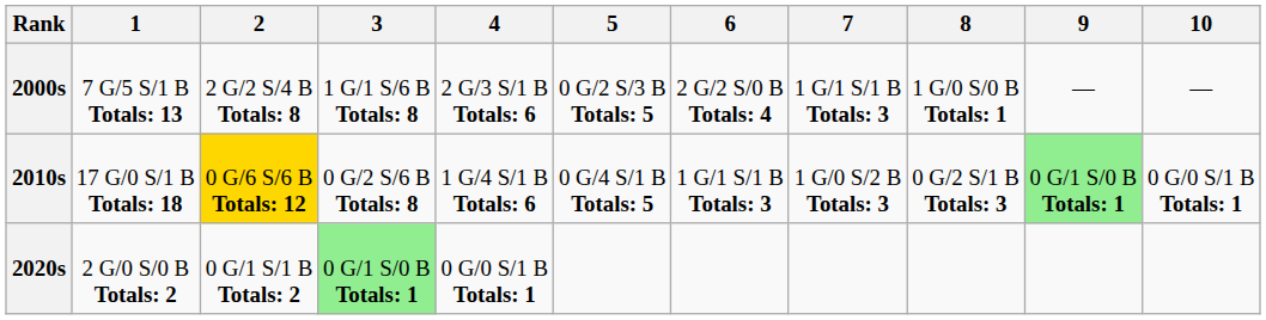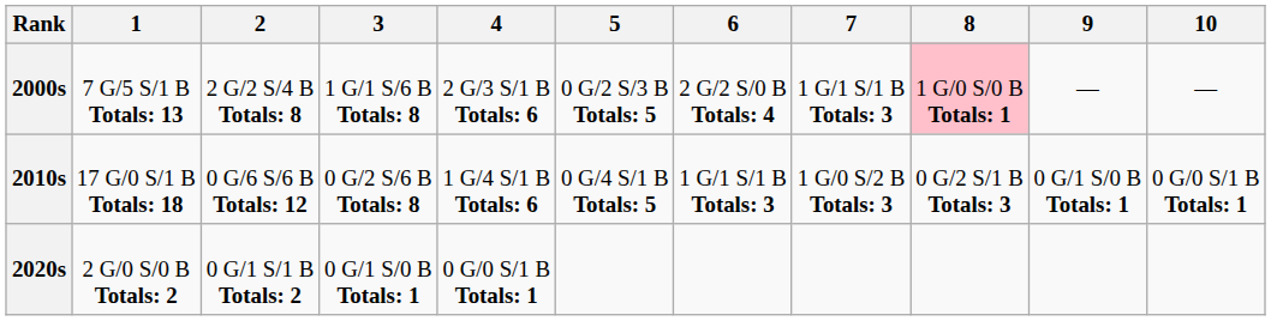 <table class="wikitable" style="text-align: center; font-size: 90%; margin-left: 1em;">
 <tr>
 <th>Rank</th>
 <th>1</th>
 <th>2</th>
 <th>3</th>
 <th>4</th>
 <th>5</th>
 <th>6</th>
 <th>7</th>
 <th>8</th>
 <th>9</th>
 <th>10</th>
 </tr>
 <tr>
 <th>2000s</th>
 <td><br>7 G/5 S/1 B<br><strong>Totals: 13</strong></td>
 <td><br>2 G/2 S/4 B<br><strong>Totals: 8</strong></td>
 <td><br>1 G/1 S/6 B<br><strong>Totals: 8</strong></td>
 <td><br>2 G/3 S/1 B<br><strong>Totals: 6</strong></td>
 <td><br>0 G/2 S/3 B<br><strong>Totals: 5</strong></td>
 <td><br>2 G/2 S/0 B<br><strong>Totals: 4</strong></td>
 <td><br>1 G/1 S/1 B<br><strong>Totals: 3</strong></td>
-<td><br>1 G/0 S/0 B<br><strong>Totals: 1</strong></td>
+<td style="background: pink;"><br>1 G/0 S/0 B<br><strong>Totals: 1</strong></td>
 <td>—</td>
 <td>—</td>
 </tr>
 <tr>
 <th>2010s</th>
 <td><br>17 G/0 S/1 B<br><strong>Totals: 18</strong></td>
-<td style="background: gold;"><br>0 G/6 S/6 B<br><strong>Totals: 12</strong></td>
+<td><br>0 G/6 S/6 B<br><strong>Totals: 12</strong></td>
 <td><br>0 G/2 S/6 B<br><strong>Totals: 8</strong></td>
 <td><br>1 G/4 S/1 B<br><strong>Totals: 6</strong></td>
 <td><br>0 G/4 S/1 B<br><strong>Totals: 5</strong></td>
 <td><br>1 G/1 S/1 B<br><strong>Totals: 3</strong></td>
 <td><br>1 G/0 S/2 B<br><strong>Totals: 3</strong></td>
 <td><br>0 G/2 S/1 B<br><strong>Totals: 3</strong></td>
-<td style="background: lightgreen;"><br>0 G/1 S/0 B<br><strong>Totals: 1</strong></td>
+<td><br>0 G/1 S/0 B<br><strong>Totals: 1</strong></td>
 <td><br>0 G/0 S/1 B<br><strong>Totals: 1</strong></td>
 </tr>
 <tr>
 <th>2020s</th>
 <td><br>2 G/0 S/0 B<br><strong>Totals: 2</strong></td>
 <td><br>0 G/1 S/1 B<br><strong>Totals: 2</strong></td>
-<td style="background: lightgreen;"><br>0 G/1 S/0 B<br><strong>Totals: 1</strong></td>
+<td><br>0 G/1 S/0 B<br><strong>Totals: 1</strong></td>
 <td><br>0 G/0 S/1 B<br><strong>Totals: 1</strong></td>
 <td></td>
 <td></td>
 <td></td>
 <td></td>
 <td></td>
 <td></td>
 </tr>
 </table>
